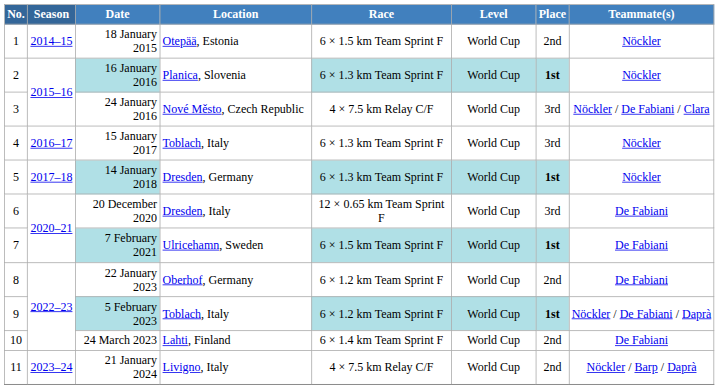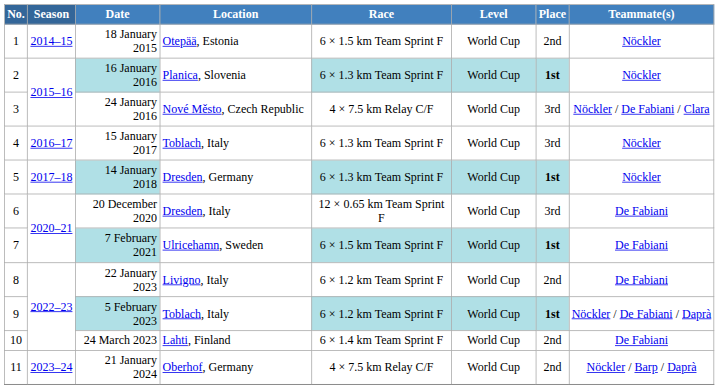 <table class="wikitable sortable" style="font-size:95%; text-align:center; border:grey solid 1px; border-collapse:collapse; background:#ffffff;">
 <tr style="background:#efefef;">
 <th style="background-color:#369; color:white;">No.</th>
 <th style="background-color:#369; color:white;">Season</th>
 <th style="background-color:#4180be; color:white; width:100px;">Date</th>
 <th style="background-color:#4180be; color:white; width:185px;">Location</th>
 <th style="background-color:#4180be; color:white; width:170px;">Race</th>
 <th style="background-color:#4180be; color:white; width:100px;">Level</th>
 <th style="background-color:#4180be; color:white;">Place</th>
 <th style="background-color:#4180be; color:white;">Teammate(s)</th>
 </tr>
 <tr>
 <td align=center>1</td>
 <td rowspan=1 align=center><a href='#'>2014–15</a></td>
 <td align=right>18 January 2015</td>
 <td align=left> <a href='#'>Otepää</a>, Estonia</td>
 <td>6 × 1.5 km Team Sprint F</td>
 <td>World Cup</td>
 <td>2nd</td>
 <td><a href='#'>Nöckler</a></td>
 </tr>
 <tr>
 <td align=center>2</td>
 <td rowspan=2 align=center><a href='#'>2015–16</a></td>
 <td bgcolor="#BOEOE6" align=right>16 January 2016</td>
 <td align=left> <a href='#'>Planica</a>, Slovenia</td>
 <td bgcolor="#BOEOE6">6 × 1.3 km Team Sprint F</td>
 <td bgcolor="#BOEOE6">World Cup</td>
 <td bgcolor="#BOEOE6"><strong>1st</strong></td>
 <td><a href='#'>Nöckler</a></td>
 </tr>
 <tr>
 <td align=center>3</td>
 <td align=right>24 January 2016</td>
 <td align=left> <a href='#'>Nové Město</a>, Czech Republic</td>
 <td>4 × 7.5 km Relay C/F</td>
 <td>World Cup</td>
 <td>3rd</td>
 <td><a href='#'>Nöckler</a> / <a href='#'>De Fabiani</a> / <a href='#'>Clara</a></td>
 </tr>
 <tr>
 <td align=center>4</td>
 <td rowspan=1 align=center><a href='#'>2016–17</a></td>
 <td align=right>15 January 2017</td>
 <td align=left> <a href='#'>Toblach</a>, Italy</td>
 <td>6 × 1.3 km Team Sprint F</td>
 <td>World Cup</td>
 <td>3rd</td>
 <td><a href='#'>Nöckler</a></td>
 </tr>
 <tr>
 <td align=center>5</td>
 <td rowspan=1 align=center><a href='#'>2017–18</a></td>
 <td bgcolor="#BOEOE6" align=right>14 January 2018</td>
 <td align=left> <a href='#'>Dresden</a>, Germany</td>
 <td bgcolor="#BOEOE6">6 × 1.3 km Team Sprint F</td>
 <td bgcolor="#BOEOE6">World Cup</td>
 <td bgcolor="#BOEOE6"><strong>1st</strong></td>
 <td><a href='#'>Nöckler</a></td>
 </tr>
 <tr>
 <td align=center>6</td>
 <td rowspan=2 align=center><a href='#'>2020–21</a></td>
 <td align=right>20 December 2020</td>
 <td align=left> <a href='#'>Dresden</a>, Italy</td>
 <td>12 × 0.65 km Team Sprint F</td>
 <td>World Cup</td>
 <td>3rd</td>
 <td><a href='#'>De Fabiani</a></td>
 </tr>
 <tr>
 <td align=center>7</td>
 <td bgcolor="#BOEOE6" align=right>7 February 2021</td>
 <td align=left> <a href='#'>Ulricehamn</a>, Sweden</td>
 <td bgcolor="#BOEOE6">6 × 1.5 km Team Sprint F</td>
 <td bgcolor="#BOEOE6">World Cup</td>
 <td bgcolor="#BOEOE6"><strong>1st</strong></td>
 <td><a href='#'>De Fabiani</a></td>
 </tr>
 <tr>
 <td align=center>8</td>
 <td rowspan=3 align=center><a href='#'>2022–23</a></td>
 <td align=right>22 January 2023</td>
-<td align=left> <a href='#'>Oberhof</a>, Germany</td>
+<td align=left> <a href='#'>Livigno</a>, Italy</td>
 <td>6 × 1.2 km Team Sprint F</td>
 <td>World Cup</td>
 <td>2nd</td>
 <td><a href='#'>De Fabiani</a></td>
 </tr>
 <tr>
 <td align=center>9</td>
 <td bgcolor="#BOEOE6" align=right>5 February 2023</td>
 <td align=left> <a href='#'>Toblach</a>, Italy</td>
 <td bgcolor="#BOEOE6">6 × 1.2 km Team Sprint F</td>
 <td bgcolor="#BOEOE6">World Cup</td>
 <td bgcolor="#BOEOE6"><strong>1st</strong></td>
 <td><a href='#'>Nöckler</a> / <a href='#'>De Fabiani</a> / <a href='#'>Daprà</a></td>
 </tr>
 <tr>
 <td align=center>10</td>
 <td align=right>24 March 2023</td>
 <td align=left> <a href='#'>Lahti</a>, Finland</td>
 <td>6 × 1.4 km Team Sprint F</td>
 <td>World Cup</td>
 <td>2nd</td>
 <td><a href='#'>De Fabiani</a></td>
 </tr>
 <tr>
 <td align=center>11</td>
 <td rowspan=1 align=center><a href='#'>2023–24</a></td>
 <td align=right>21 January 2024</td>
-<td align=left> <a href='#'>Livigno</a>, Italy</td>
+<td align=left> <a href='#'>Oberhof</a>, Germany</td>
 <td>4 × 7.5 km Relay C/F</td>
 <td>World Cup</td>
 <td>2nd</td>
 <td><a href='#'>Nöckler</a> / <a href='#'>Barp</a> / <a href='#'>Daprà</a></td>
 </tr>
 <tr>
 </tr>
 </table>
